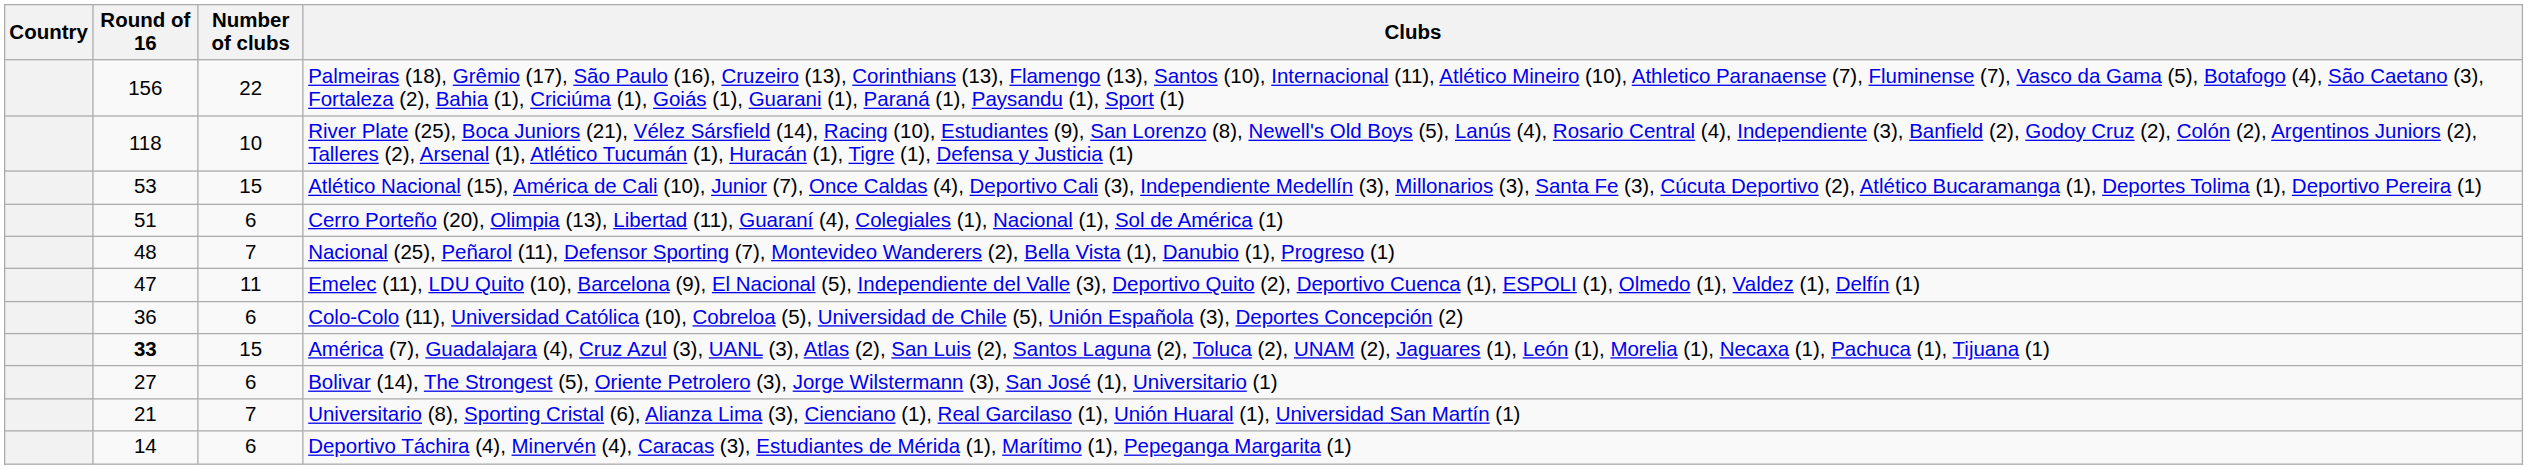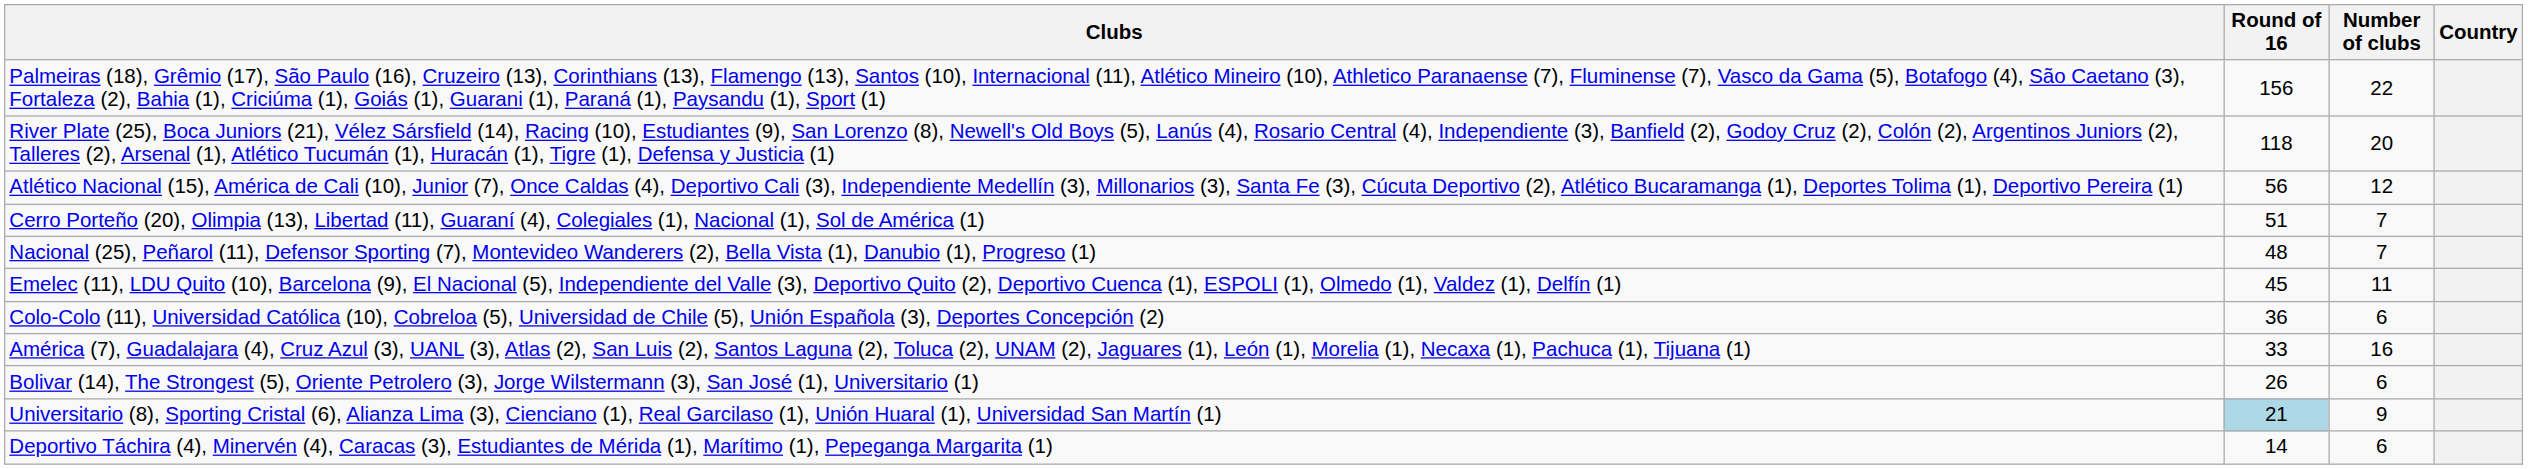 <table class="wikitable sortable">
 <tr>
-<th>Country</th>
+<th>Clubs</th>
 <th width=75>Round of 16</th>
 <th width=75>Number<br>of clubs</th>
-<th>Clubs</th>
+<th>Country</th>
 </tr>
 <tr>
-<th scope=row></th>
+<td><a href='#'>Palmeiras</a> (18), <a href='#'>Grêmio</a> (17), <a href='#'>São Paulo</a> (16), <a href='#'>Cruzeiro</a> (13), <a href='#'>Corinthians</a> (13), <a href='#'>Flamengo</a> (13), <a href='#'>Santos</a> (10), <a href='#'>Internacional</a> (11), <a href='#'>Atlético Mineiro</a> (10), <a href='#'>Athletico Paranaense</a> (7), <a href='#'>Fluminense</a> (7), <a href='#'>Vasco da Gama</a> (5), <a href='#'>Botafogo</a> (4), <a href='#'>São Caetano</a> (3), <a href='#'>Fortaleza</a> (2), <a href='#'>Bahia</a> (1), <a href='#'>Criciúma</a> (1), <a href='#'>Goiás</a> (1), <a href='#'>Guarani</a> (1), <a href='#'>Paraná</a> (1), <a href='#'>Paysandu</a> (1), <a href='#'>Sport</a> (1)</td>
 <td style="text-align: center">156</td>
 <td style="text-align: center">22</td>
-<td><a href='#'>Palmeiras</a> (18), <a href='#'>Grêmio</a> (17), <a href='#'>São Paulo</a> (16), <a href='#'>Cruzeiro</a> (13), <a href='#'>Corinthians</a> (13), <a href='#'>Flamengo</a> (13), <a href='#'>Santos</a> (10), <a href='#'>Internacional</a> (11), <a href='#'>Atlético Mineiro</a> (10), <a href='#'>Athletico Paranaense</a> (7), <a href='#'>Fluminense</a> (7), <a href='#'>Vasco da Gama</a> (5), <a href='#'>Botafogo</a> (4), <a href='#'>São Caetano</a> (3), <a href='#'>Fortaleza</a> (2), <a href='#'>Bahia</a> (1), <a href='#'>Criciúma</a> (1), <a href='#'>Goiás</a> (1), <a href='#'>Guarani</a> (1), <a href='#'>Paraná</a> (1), <a href='#'>Paysandu</a> (1), <a href='#'>Sport</a> (1)</td>
+<th scope=row></th>
 </tr>
 <tr>
+<td><a href='#'>River Plate</a> (25), <a href='#'>Boca Juniors</a> (21), <a href='#'>Vélez Sársfield</a> (14), <a href='#'>Racing</a> (10), <a href='#'>Estudiantes</a> (9), <a href='#'>San Lorenzo</a> (8), <a href='#'>Newell's Old Boys</a> (5), <a href='#'>Lanús</a> (4), <a href='#'>Rosario Central</a> (4), <a href='#'>Independiente</a> (3), <a href='#'>Banfield</a> (2), <a href='#'>Godoy Cruz</a> (2), <a href='#'>Colón</a> (2), <a href='#'>Argentinos Juniors</a> (2), <a href='#'>Talleres</a> (2), <a href='#'>Arsenal</a> (1), <a href='#'>Atlético Tucumán</a> (1), <a href='#'>Huracán</a> (1), <a href='#'>Tigre</a> (1), <a href='#'>Defensa y Justicia</a> (1)</td>
+<td style="text-align: center">118</td>
+<td style="text-align: center">20</td>
 <th scope=row></th>
-<td style="text-align: center">118</td>
-<td style="text-align: center">10</td>
-<td><a href='#'>River Plate</a> (25), <a href='#'>Boca Juniors</a> (21), <a href='#'>Vélez Sársfield</a> (14), <a href='#'>Racing</a> (10), <a href='#'>Estudiantes</a> (9), <a href='#'>San Lorenzo</a> (8), <a href='#'>Newell's Old Boys</a> (5), <a href='#'>Lanús</a> (4), <a href='#'>Rosario Central</a> (4), <a href='#'>Independiente</a> (3), <a href='#'>Banfield</a> (2), <a href='#'>Godoy Cruz</a> (2), <a href='#'>Colón</a> (2), <a href='#'>Argentinos Juniors</a> (2), <a href='#'>Talleres</a> (2), <a href='#'>Arsenal</a> (1), <a href='#'>Atlético Tucumán</a> (1), <a href='#'>Huracán</a> (1), <a href='#'>Tigre</a> (1), <a href='#'>Defensa y Justicia</a> (1)</td>
 </tr>
 <tr>
+<td><a href='#'>Atlético Nacional</a> (15), <a href='#'>América de Cali</a> (10), <a href='#'>Junior</a> (7), <a href='#'>Once Caldas</a> (4), <a href='#'>Deportivo Cali</a> (3), <a href='#'>Independiente Medellín</a> (3), <a href='#'>Millonarios</a> (3), <a href='#'>Santa Fe</a> (3), <a href='#'>Cúcuta Deportivo</a> (2), <a href='#'>Atlético Bucaramanga</a> (1), <a href='#'>Deportes Tolima</a> (1), <a href='#'>Deportivo Pereira</a> (1)</td>
+<td style="text-align: center">56</td>
+<td style="text-align: center">12</td>
 <th scope=row></th>
-<td style="text-align: center">53</td>
-<td style="text-align: center">15</td>
-<td><a href='#'>Atlético Nacional</a> (15), <a href='#'>América de Cali</a> (10), <a href='#'>Junior</a> (7), <a href='#'>Once Caldas</a> (4), <a href='#'>Deportivo Cali</a> (3), <a href='#'>Independiente Medellín</a> (3), <a href='#'>Millonarios</a> (3), <a href='#'>Santa Fe</a> (3), <a href='#'>Cúcuta Deportivo</a> (2), <a href='#'>Atlético Bucaramanga</a> (1), <a href='#'>Deportes Tolima</a> (1), <a href='#'>Deportivo Pereira</a> (1)</td>
 </tr>
 <tr>
+<td><a href='#'>Cerro Porteño</a> (20), <a href='#'>Olimpia</a> (13), <a href='#'>Libertad</a> (11), <a href='#'>Guaraní</a> (4), <a href='#'>Colegiales</a> (1), <a href='#'>Nacional</a> (1), <a href='#'>Sol de América</a> (1)</td>
+<td style="text-align: center">51</td>
+<td style="text-align: center">7</td>
 <th scope=row></th>
-<td style="text-align: center">51</td>
-<td style="text-align: center">6</td>
-<td><a href='#'>Cerro Porteño</a> (20), <a href='#'>Olimpia</a> (13), <a href='#'>Libertad</a> (11), <a href='#'>Guaraní</a> (4), <a href='#'>Colegiales</a> (1), <a href='#'>Nacional</a> (1), <a href='#'>Sol de América</a> (1)</td>
 </tr>
 <tr>
-<th scope=row></th>
+<td><a href='#'>Nacional</a> (25), <a href='#'>Peñarol</a> (11), <a href='#'>Defensor Sporting</a> (7), <a href='#'>Montevideo Wanderers</a> (2), <a href='#'>Bella Vista</a> (1), <a href='#'>Danubio</a> (1), <a href='#'>Progreso</a> (1)</td>
 <td style="text-align: center">48</td>
 <td style="text-align: center">7</td>
-<td><a href='#'>Nacional</a> (25), <a href='#'>Peñarol</a> (11), <a href='#'>Defensor Sporting</a> (7), <a href='#'>Montevideo Wanderers</a> (2), <a href='#'>Bella Vista</a> (1), <a href='#'>Danubio</a> (1), <a href='#'>Progreso</a> (1)</td>
+<th scope=row></th>
 </tr>
 <tr>
+<td><a href='#'>Emelec</a> (11), <a href='#'>LDU Quito</a> (10), <a href='#'>Barcelona</a> (9), <a href='#'>El Nacional</a> (5), <a href='#'>Independiente del Valle</a> (3), <a href='#'>Deportivo Quito</a> (2), <a href='#'>Deportivo Cuenca</a> (1), <a href='#'>ESPOLI</a> (1), <a href='#'>Olmedo</a> (1), <a href='#'>Valdez</a> (1), <a href='#'>Delfín</a> (1)</td>
+<td style="text-align: center">45</td>
+<td style="text-align: center">11</td>
 <th scope=row></th>
-<td style="text-align: center">47</td>
-<td style="text-align: center">11</td>
-<td><a href='#'>Emelec</a> (11), <a href='#'>LDU Quito</a> (10), <a href='#'>Barcelona</a> (9), <a href='#'>El Nacional</a> (5), <a href='#'>Independiente del Valle</a> (3), <a href='#'>Deportivo Quito</a> (2), <a href='#'>Deportivo Cuenca</a> (1), <a href='#'>ESPOLI</a> (1), <a href='#'>Olmedo</a> (1), <a href='#'>Valdez</a> (1), <a href='#'>Delfín</a> (1)</td>
 </tr>
 <tr>
-<th scope=row></th>
+<td><a href='#'>Colo-Colo</a> (11), <a href='#'>Universidad Católica</a> (10), <a href='#'>Cobreloa</a> (5), <a href='#'>Universidad de Chile</a> (5), <a href='#'>Unión Española</a> (3), <a href='#'>Deportes Concepción</a> (2)</td>
 <td style="text-align: center">36</td>
 <td style="text-align: center">6</td>
-<td><a href='#'>Colo-Colo</a> (11), <a href='#'>Universidad Católica</a> (10), <a href='#'>Cobreloa</a> (5), <a href='#'>Universidad de Chile</a> (5), <a href='#'>Unión Española</a> (3), <a href='#'>Deportes Concepción</a> (2)</td>
+<th scope=row></th>
 </tr>
 <tr>
+<td><a href='#'>América</a> (7), <a href='#'>Guadalajara</a> (4), <a href='#'>Cruz Azul</a> (3), <a href='#'>UANL</a> (3), <a href='#'>Atlas</a> (2), <a href='#'>San Luis</a> (2), <a href='#'>Santos Laguna</a> (2), <a href='#'>Toluca</a> (2), <a href='#'>UNAM</a> (2), <a href='#'>Jaguares</a> (1), <a href='#'>León</a> (1), <a href='#'>Morelia</a> (1), <a href='#'>Necaxa</a> (1), <a href='#'>Pachuca</a> (1), <a href='#'>Tijuana</a> (1)</td>
+<td style="text-align: center">33</td>
+<td style="text-align: center">16</td>
 <th scope=row></th>
-<td style="text-align: center"><strong>33</strong></td>
-<td style="text-align: center">15</td>
-<td><a href='#'>América</a> (7), <a href='#'>Guadalajara</a> (4), <a href='#'>Cruz Azul</a> (3), <a href='#'>UANL</a> (3), <a href='#'>Atlas</a> (2), <a href='#'>San Luis</a> (2), <a href='#'>Santos Laguna</a> (2), <a href='#'>Toluca</a> (2), <a href='#'>UNAM</a> (2), <a href='#'>Jaguares</a> (1), <a href='#'>León</a> (1), <a href='#'>Morelia</a> (1), <a href='#'>Necaxa</a> (1), <a href='#'>Pachuca</a> (1), <a href='#'>Tijuana</a> (1)</td>
 </tr>
 <tr>
+<td><a href='#'>Bolivar</a> (14), <a href='#'>The Strongest</a> (5), <a href='#'>Oriente Petrolero</a> (3), <a href='#'>Jorge Wilstermann</a> (3), <a href='#'>San José</a> (1), <a href='#'>Universitario</a> (1)</td>
+<td style="text-align: center">26</td>
+<td style="text-align: center">6</td>
 <th scope=row></th>
-<td style="text-align: center">27</td>
-<td style="text-align: center">6</td>
-<td><a href='#'>Bolivar</a> (14), <a href='#'>The Strongest</a> (5), <a href='#'>Oriente Petrolero</a> (3), <a href='#'>Jorge Wilstermann</a> (3), <a href='#'>San José</a> (1), <a href='#'>Universitario</a> (1)</td>
 </tr>
 <tr>
+<td><a href='#'>Universitario</a> (8), <a href='#'>Sporting Cristal</a> (6), <a href='#'>Alianza Lima</a> (3), <a href='#'>Cienciano</a> (1), <a href='#'>Real Garcilaso</a> (1), <a href='#'>Unión Huaral</a> (1), <a href='#'>Universidad San Martín</a> (1)</td>
+<td style="background: lightblue; text-align: center">21</td>
+<td style="text-align: center">9</td>
 <th scope=row></th>
-<td style="text-align: center">21</td>
-<td style="text-align: center">7</td>
-<td><a href='#'>Universitario</a> (8), <a href='#'>Sporting Cristal</a> (6), <a href='#'>Alianza Lima</a> (3), <a href='#'>Cienciano</a> (1), <a href='#'>Real Garcilaso</a> (1), <a href='#'>Unión Huaral</a> (1), <a href='#'>Universidad San Martín</a> (1)</td>
 </tr>
 <tr>
-<th scope=row></th>
+<td><a href='#'>Deportivo Táchira</a> (4), <a href='#'>Minervén</a> (4), <a href='#'>Caracas</a> (3), <a href='#'>Estudiantes de Mérida</a> (1), <a href='#'>Marítimo</a> (1), <a href='#'>Pepeganga Margarita</a> (1)</td>
 <td style="text-align: center">14</td>
 <td style="text-align: center">6</td>
-<td><a href='#'>Deportivo Táchira</a> (4), <a href='#'>Minervén</a> (4), <a href='#'>Caracas</a> (3), <a href='#'>Estudiantes de Mérida</a> (1), <a href='#'>Marítimo</a> (1), <a href='#'>Pepeganga Margarita</a> (1)</td>
+<th scope=row></th>
 </tr>
 </table>
